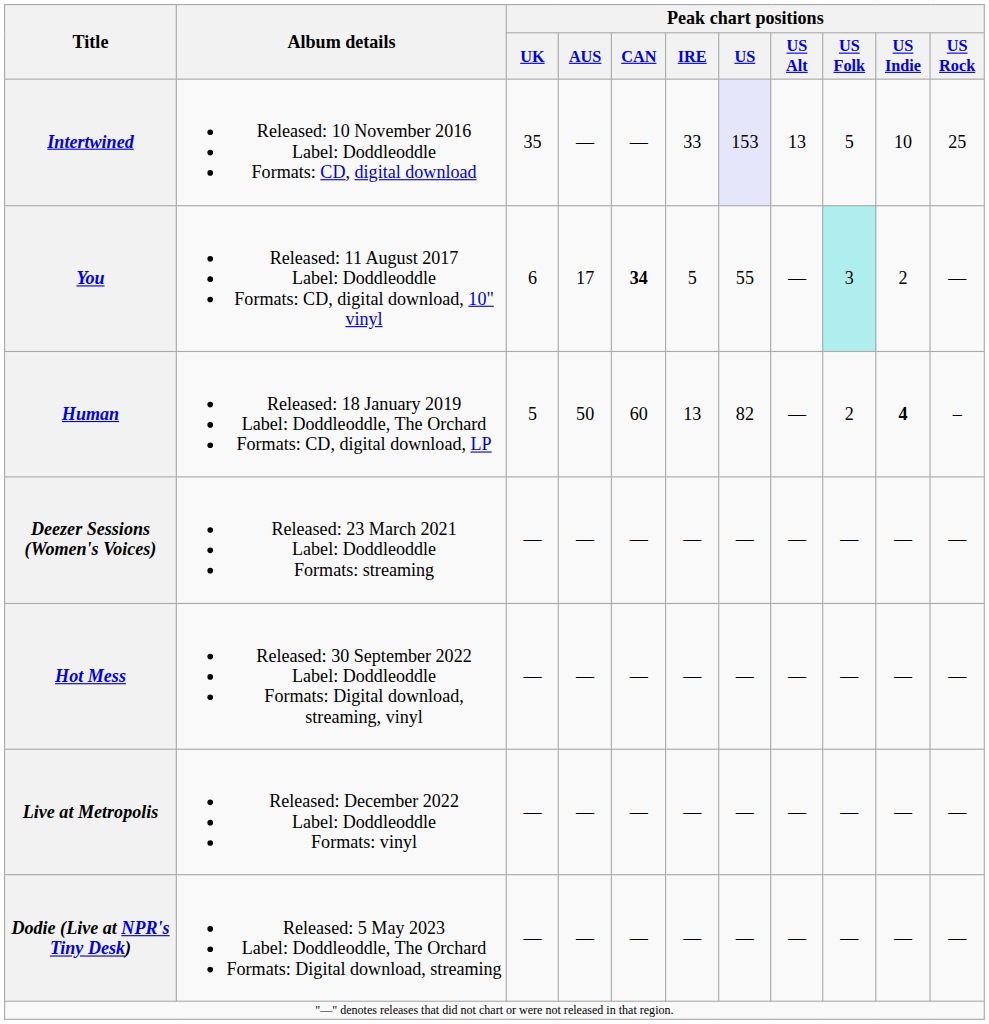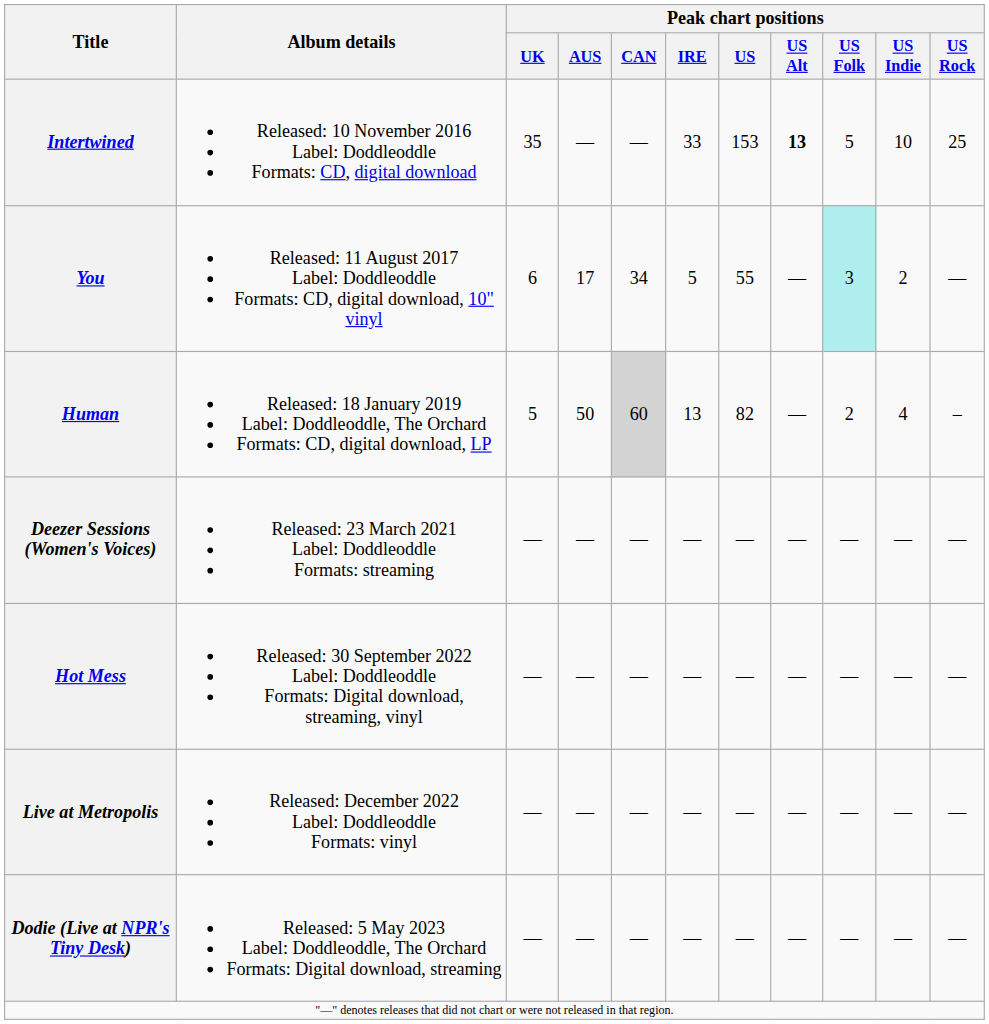 <table class="wikitable plainrowheaders" style="text-align:center;">
 <tr>
 <th scope="col" rowspan="2" style="width:10em;">Title</th>
 <th scope="col" rowspan="2" style="width:20em;">Album details</th>
 <th scope="col" colspan="9">Peak chart positions</th>
 </tr>
 <tr>
 <th scope="col" style="width:3em;font-size:90%;"><a href='#'>UK</a><br></th>
 <th scope="col" style="width:3em;font-size:90%;"><a href='#'>AUS</a><br></th>
 <th scope="col" style="width:3em;font-size:90%;"><a href='#'>CAN</a><br></th>
 <th scope="col" style="width:3em;font-size:90%;"><a href='#'>IRE</a><br></th>
 <th scope="col" style="width:3em;font-size:90%;"><a href='#'>US</a><br></th>
 <th scope="col" style="width:3em;font-size:90%;"><a href='#'>US<br>Alt</a><br></th>
 <th scope="col" style="width:3em;font-size:90%;"><a href='#'>US<br>Folk</a><br></th>
 <th scope="col" style="width:3em;font-size:90%;"><a href='#'>US<br>Indie</a><br></th>
 <th scope="col" style="width:3em;font-size:90%;"><a href='#'>US<br>Rock</a><br></th>
 </tr>
 <tr>
 <th scope="row"><em><a href='#'>Intertwined</a></em></th>
 <td><br><ul><li>Released: 10 November 2016</li><li>Label: Doddleoddle</li><li>Formats: <a href='#'>CD</a>, <a href='#'>digital download</a></li></ul></td>
 <td>35</td>
 <td>—</td>
 <td>—</td>
 <td>33</td>
-<td style="background: lavender;">153</td>
-<td>13</td>
+<td>153</td>
+<td><strong>13</strong></td>
 <td>5</td>
 <td>10</td>
 <td>25</td>
 </tr>
 <tr>
 <th scope="row"><em><a href='#'>You</a></em></th>
 <td><br><ul><li>Released: 11 August 2017</li><li>Label: Doddleoddle</li><li>Formats: CD, digital download, <a href='#'>10" vinyl</a></li></ul></td>
 <td>6</td>
 <td>17</td>
-<td><strong>34</strong></td>
+<td>34</td>
 <td>5</td>
 <td>55</td>
 <td>—</td>
 <td style="background: paleturquoise;">3</td>
 <td>2</td>
 <td>—</td>
 </tr>
 <tr>
 <th scope="row"><em><a href='#'>Human</a></em></th>
 <td><br><ul><li>Released: 18 January 2019</li><li>Label: Doddleoddle, The Orchard</li><li>Formats: CD, digital download, <a href='#'>LP</a></li></ul></td>
 <td>5</td>
 <td>50</td>
-<td>60</td>
+<td style="background: lightgrey;">60</td>
 <td>13</td>
 <td>82</td>
 <td>—</td>
 <td>2</td>
-<td><strong>4</strong></td>
+<td>4</td>
 <td>–</td>
 </tr>
 <tr>
 <th scope="row"><em>Deezer Sessions (Women's Voices)</em></th>
 <td><br><ul><li>Released: 23 March 2021</li><li>Label: Doddleoddle</li><li>Formats: streaming</li></ul></td>
 <td>―</td>
 <td>―</td>
 <td>―</td>
 <td>―</td>
 <td>―</td>
 <td>―</td>
 <td>―</td>
 <td>—</td>
 <td>—</td>
 </tr>
 <tr>
 <th scope="row"><em><a href='#'>Hot Mess</a></em></th>
 <td><br><ul><li>Released: 30 September 2022</li><li>Label: Doddleoddle</li><li>Formats: Digital download, streaming, vinyl</li></ul></td>
 <td>―</td>
 <td>―</td>
 <td>―</td>
 <td>―</td>
 <td>―</td>
 <td>―</td>
 <td>―</td>
 <td>—</td>
 <td>—</td>
 </tr>
 <tr>
 <th scope="row"><em>Live at Metropolis</em></th>
 <td><br><ul><li>Released: December 2022</li><li>Label: Doddleoddle</li><li>Formats: vinyl</li></ul></td>
 <td>―</td>
 <td>―</td>
 <td>―</td>
 <td>―</td>
 <td>―</td>
 <td>―</td>
 <td>―</td>
 <td>—</td>
 <td>—</td>
 </tr>
 <tr>
 <th scope="row"><em>Dodie (Live at <a href='#'>NPR's Tiny Desk</a>)</em></th>
 <td><br><ul><li>Released: 5 May 2023</li><li>Label: Doddleoddle, The Orchard</li><li>Formats: Digital download, streaming</li></ul></td>
 <td>―</td>
 <td>―</td>
 <td>―</td>
 <td>―</td>
 <td>―</td>
 <td>―</td>
 <td>―</td>
 <td>—</td>
 <td>—</td>
 </tr>
 <tr>
 <td colspan="12" style="font-size:8pt;">"—" denotes releases that did not chart or were not released in that region.</td>
 </tr>
 </table>
